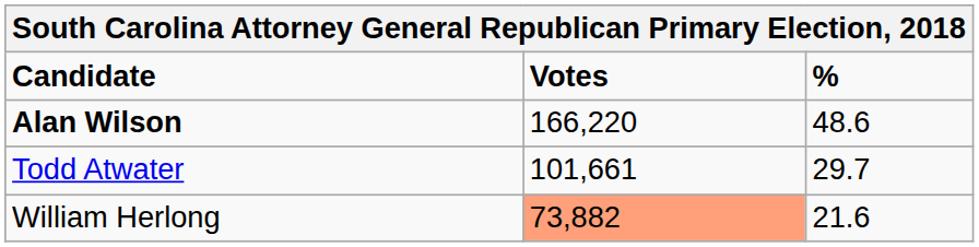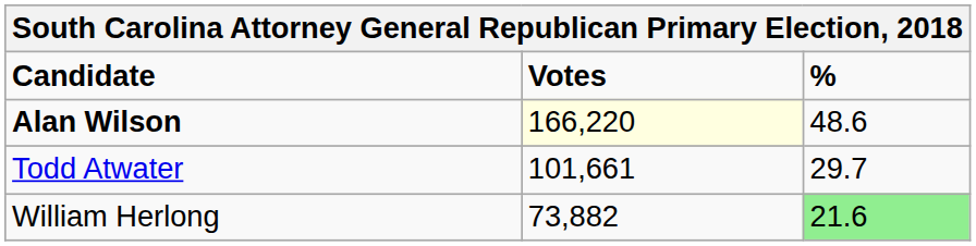 <table class="wikitable">
 <tr>
 <th colspan="4">South Carolina Attorney General Republican Primary Election, 2018</th>
 </tr>
 <tr>
 <td><strong>Candidate</strong></td>
 <td><strong>Votes</strong></td>
 <td><strong>%</strong></td>
 </tr>
 <tr>
 <td><strong>Alan Wilson</strong></td>
-<td>166,220</td>
+<td style="background: lightyellow;">166,220</td>
 <td>48.6</td>
 </tr>
 <tr>
 <td><a href='#'>Todd Atwater</a></td>
 <td>101,661</td>
 <td>29.7</td>
 </tr>
 <tr>
 <td>William Herlong</td>
-<td style="background: lightsalmon;">73,882</td>
-<td>21.6</td>
+<td>73,882</td>
+<td style="background: lightgreen;">21.6</td>
 </tr>
 </table>
